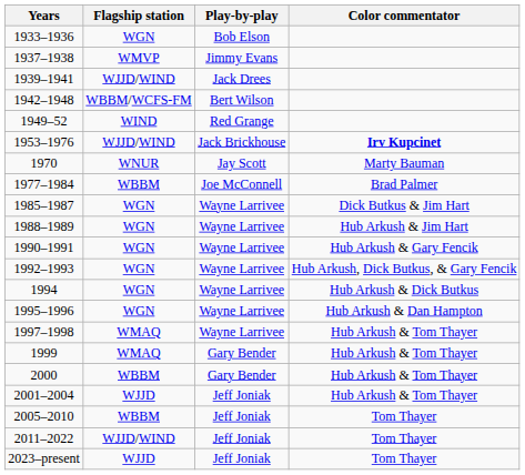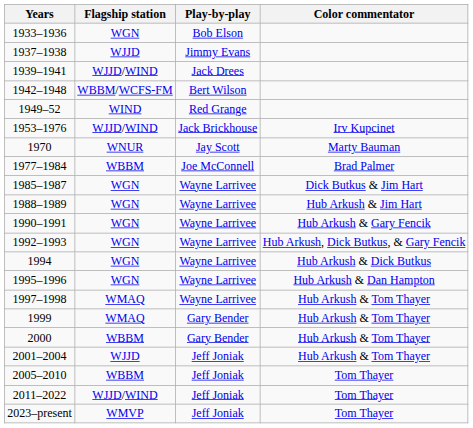 <table class="wikitable" style="text-align: center;">
 <tr>
 <th>Years</th>
 <th>Flagship station</th>
 <th>Play-by-play</th>
 <th>Color commentator</th>
 </tr>
 <tr>
 <td>1933–1936</td>
 <td><a href='#'>WGN</a></td>
 <td><a href='#'>Bob Elson</a></td>
 <td></td>
 </tr>
 <tr>
 <td>1937–1938</td>
-<td><a href='#'>WMVP</a></td>
+<td><a href='#'>WJJD</a></td>
 <td><a href='#'>Jimmy Evans</a></td>
 <td></td>
 </tr>
 <tr>
 <td>1939–1941</td>
 <td><a href='#'>WJJD</a>/<a href='#'>WIND</a></td>
 <td><a href='#'>Jack Drees</a></td>
 <td></td>
 </tr>
 <tr>
 <td>1942–1948</td>
 <td><a href='#'>WBBM</a>/<a href='#'>WCFS-FM</a></td>
 <td><a href='#'>Bert Wilson</a></td>
 <td></td>
 </tr>
 <tr>
 <td>1949–52</td>
 <td><a href='#'>WIND</a></td>
 <td><a href='#'>Red Grange</a></td>
 <td></td>
 </tr>
 <tr>
 <td>1953–1976</td>
 <td><a href='#'>WJJD</a>/<a href='#'>WIND</a></td>
 <td><a href='#'>Jack Brickhouse</a></td>
-<td><strong><a href='#'>Irv Kupcinet</a></strong></td>
+<td><a href='#'>Irv Kupcinet</a></td>
 </tr>
 <tr>
 <td>1970</td>
 <td><a href='#'>WNUR </a></td>
 <td><a href='#'>Jay Scott</a></td>
 <td><a href='#'>Marty Bauman</a></td>
 </tr>
 <tr>
 <td>1977–1984</td>
 <td><a href='#'>WBBM</a></td>
 <td><a href='#'>Joe McConnell</a></td>
 <td><a href='#'>Brad Palmer</a></td>
 </tr>
 <tr>
 <td>1985–1987</td>
 <td><a href='#'>WGN</a></td>
 <td><a href='#'>Wayne Larrivee</a></td>
 <td><a href='#'>Dick Butkus</a> & <a href='#'>Jim Hart</a></td>
 </tr>
 <tr>
 <td>1988–1989</td>
 <td><a href='#'>WGN</a></td>
 <td><a href='#'>Wayne Larrivee</a></td>
 <td><a href='#'>Hub Arkush</a> & <a href='#'>Jim Hart</a></td>
 </tr>
 <tr>
 <td>1990–1991</td>
 <td><a href='#'>WGN</a></td>
 <td><a href='#'>Wayne Larrivee</a></td>
 <td><a href='#'>Hub Arkush</a> & <a href='#'>Gary Fencik</a></td>
 </tr>
 <tr>
 <td>1992–1993</td>
 <td><a href='#'>WGN</a></td>
 <td><a href='#'>Wayne Larrivee</a></td>
 <td><a href='#'>Hub Arkush</a>, <a href='#'>Dick Butkus</a>, & <a href='#'>Gary Fencik</a></td>
 </tr>
 <tr>
 <td>1994</td>
 <td><a href='#'>WGN</a></td>
 <td><a href='#'>Wayne Larrivee</a></td>
 <td><a href='#'>Hub Arkush</a> & <a href='#'>Dick Butkus</a></td>
 </tr>
 <tr>
 <td>1995–1996</td>
 <td><a href='#'>WGN</a></td>
 <td><a href='#'>Wayne Larrivee</a></td>
 <td><a href='#'>Hub Arkush</a> & <a href='#'>Dan Hampton</a></td>
 </tr>
 <tr>
 <td>1997–1998</td>
 <td><a href='#'>WMAQ</a></td>
 <td><a href='#'>Wayne Larrivee</a></td>
 <td><a href='#'>Hub Arkush</a> & <a href='#'>Tom Thayer</a></td>
 </tr>
 <tr>
 <td>1999</td>
 <td><a href='#'>WMAQ</a></td>
 <td><a href='#'>Gary Bender</a></td>
 <td><a href='#'>Hub Arkush</a> & <a href='#'>Tom Thayer</a></td>
 </tr>
 <tr>
 <td>2000</td>
 <td><a href='#'>WBBM</a></td>
 <td><a href='#'>Gary Bender</a></td>
 <td><a href='#'>Hub Arkush</a> & <a href='#'>Tom Thayer</a></td>
 </tr>
 <tr>
 <td>2001–2004</td>
 <td><a href='#'>WJJD</a></td>
 <td><a href='#'>Jeff Joniak</a></td>
 <td><a href='#'>Hub Arkush</a> & <a href='#'>Tom Thayer</a></td>
 </tr>
 <tr>
 <td>2005–2010</td>
 <td><a href='#'>WBBM</a></td>
 <td><a href='#'>Jeff Joniak</a></td>
 <td><a href='#'>Tom Thayer</a></td>
 </tr>
 <tr>
 <td>2011–2022</td>
 <td><a href='#'>WJJD</a>/<a href='#'>WIND</a></td>
 <td><a href='#'>Jeff Joniak</a></td>
 <td><a href='#'>Tom Thayer</a></td>
 </tr>
 <tr>
 <td>2023–present</td>
-<td><a href='#'>WJJD</a></td>
+<td><a href='#'>WMVP</a></td>
 <td><a href='#'>Jeff Joniak</a></td>
 <td><a href='#'>Tom Thayer</a></td>
 </tr>
 </table>
